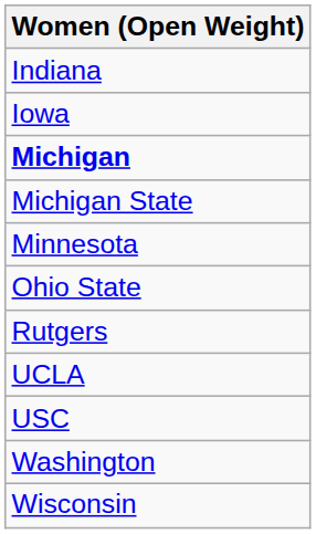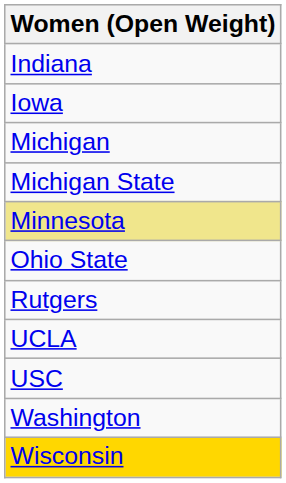 <table class="wikitable">
 <tr>
 <th>Women (Open Weight)</th>
 </tr>
 <tr>
 <td><a href='#'>Indiana</a></td>
 </tr>
 <tr>
 <td><a href='#'>Iowa</a></td>
 </tr>
 <tr>
-<td><strong><a href='#'>Michigan</a></strong></td>
+<td><a href='#'>Michigan</a></td>
 </tr>
 <tr>
 <td><a href='#'>Michigan State</a></td>
 </tr>
 <tr>
-<td><a href='#'>Minnesota</a></td>
+<td style="background: khaki;"><a href='#'>Minnesota</a></td>
 </tr>
 <tr>
 <td><a href='#'>Ohio State</a></td>
 </tr>
 <tr>
 <td><a href='#'>Rutgers</a></td>
 </tr>
 <tr>
 <td><a href='#'>UCLA</a></td>
 </tr>
 <tr>
 <td><a href='#'>USC</a></td>
 </tr>
 <tr>
 <td><a href='#'>Washington</a></td>
 </tr>
 <tr>
-<td><a href='#'>Wisconsin</a></td>
+<td style="background: gold;"><a href='#'>Wisconsin</a></td>
 </tr>
 </table>
